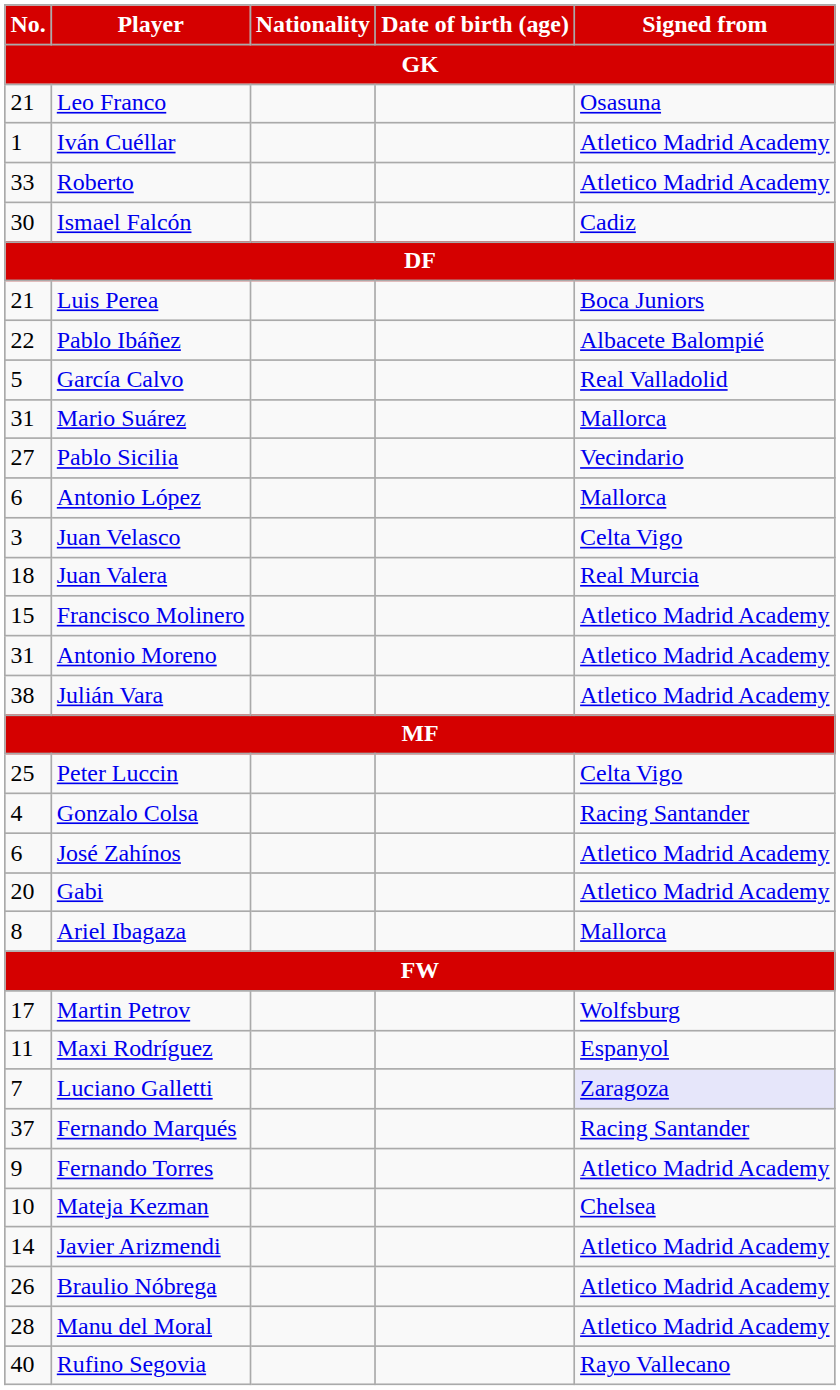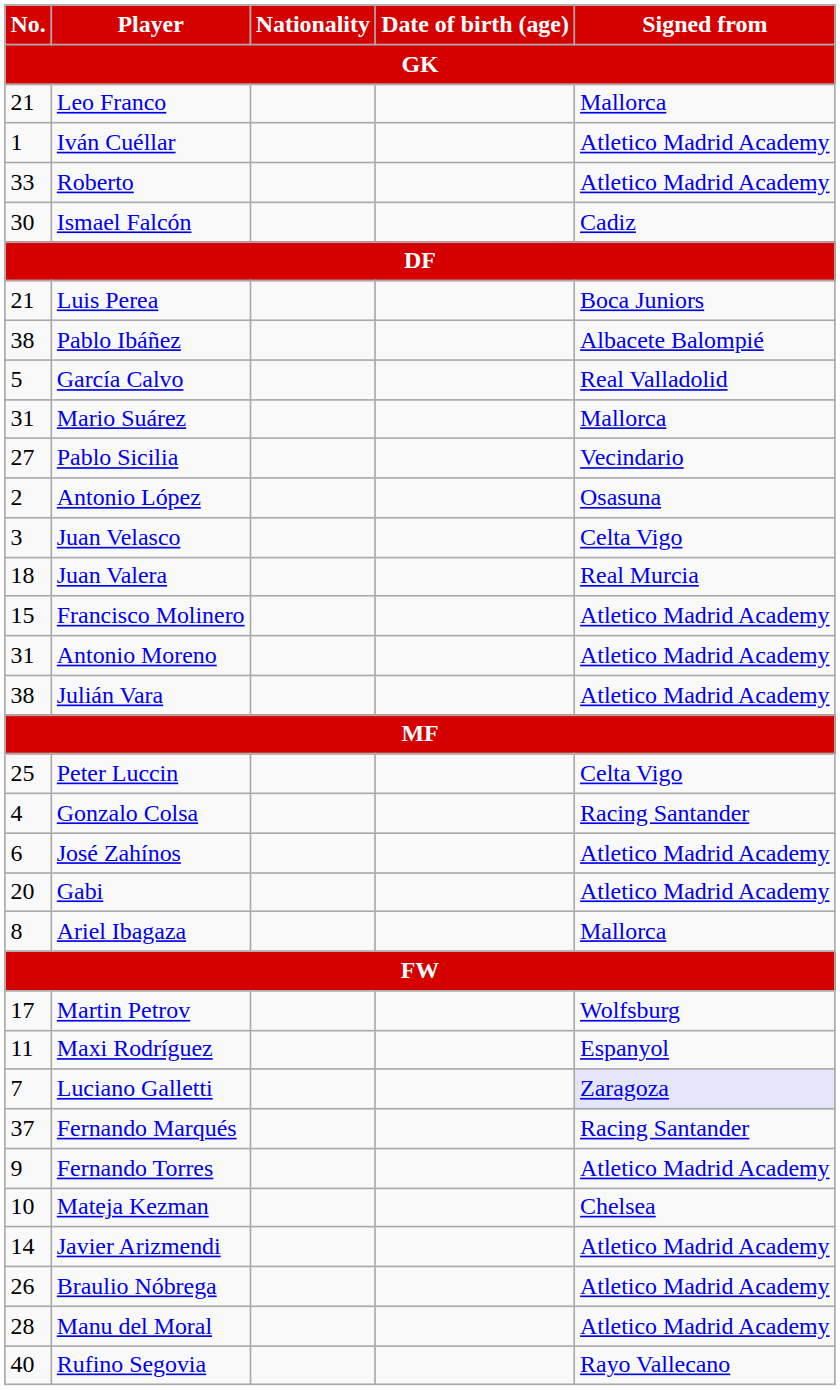 <table class="wikitable sortable" style="font-size:90%;">
 <tr>
 <th style="background:#d50000; color:white; text-align:;">No.</th>
 <th style="background:#d50000; color:white; text-align:;">Player</th>
 <th style="background:#d50000; color:white; text-align:;">Nationality</th>
 <th style="background:#d50000; color:white; text-align:;">Date of birth (age)</th>
 <th style="background:#d50000; color:white; text-align:;">Signed from</th>
 </tr>
 <tr>
 <th colspan="10" style="background:#d50000; color:white; text-align:top"><strong>GK</strong></th>
 </tr>
 <tr>
 <td>21</td>
 <td><a href='#'>Leo Franco</a></td>
 <td></td>
 <td></td>
-<td> <a href='#'>Osasuna</a></td>
+<td> <a href='#'>Mallorca</a></td>
 </tr>
 <tr>
 <td>1</td>
 <td><a href='#'>Iván Cuéllar</a></td>
 <td></td>
 <td></td>
 <td> <a href='#'>Atletico Madrid Academy</a></td>
 </tr>
 <tr>
 <td>33</td>
 <td><a href='#'>Roberto</a></td>
 <td></td>
 <td></td>
 <td> <a href='#'>Atletico Madrid Academy</a></td>
 </tr>
 <tr>
 <td>30</td>
 <td><a href='#'>Ismael Falcón</a></td>
 <td></td>
 <td></td>
 <td> <a href='#'>Cadiz</a></td>
 </tr>
 <tr>
 <th colspan="10" style="background:#d50000; color:white; text-align:center"><strong>DF</strong></th>
 </tr>
 <tr>
 <td>21</td>
 <td><a href='#'>Luis Perea</a></td>
 <td></td>
 <td></td>
 <td> <a href='#'>Boca Juniors</a></td>
 </tr>
 <tr>
-<td>22</td>
+<td>38</td>
 <td><a href='#'>Pablo Ibáñez</a></td>
 <td></td>
 <td></td>
 <td> <a href='#'>Albacete Balompié</a></td>
 </tr>
 <tr>
 <td>5</td>
 <td><a href='#'>García Calvo</a></td>
 <td></td>
 <td></td>
 <td> <a href='#'>Real Valladolid</a></td>
 </tr>
 <tr>
 <td>31</td>
 <td><a href='#'>Mario Suárez</a></td>
 <td></td>
 <td></td>
 <td> <a href='#'>Mallorca</a></td>
 </tr>
 <tr>
 <td>27</td>
 <td><a href='#'>Pablo Sicilia</a></td>
 <td></td>
 <td></td>
 <td> <a href='#'>Vecindario</a></td>
 </tr>
 <tr>
-<td>6</td>
+<td>2</td>
 <td><a href='#'>Antonio López</a></td>
 <td></td>
 <td></td>
-<td> <a href='#'>Mallorca</a></td>
+<td> <a href='#'>Osasuna</a></td>
 </tr>
 <tr>
 <td>3</td>
 <td><a href='#'>Juan Velasco</a></td>
 <td></td>
 <td></td>
 <td> <a href='#'>Celta Vigo</a></td>
 </tr>
 <tr>
 <td>18</td>
 <td><a href='#'>Juan Valera</a></td>
 <td></td>
 <td></td>
 <td> <a href='#'>Real Murcia</a></td>
 </tr>
 <tr>
 <td>15</td>
 <td><a href='#'>Francisco Molinero</a></td>
 <td></td>
 <td></td>
 <td> <a href='#'>Atletico Madrid Academy</a></td>
 </tr>
 <tr>
 <td>31</td>
 <td><a href='#'>Antonio Moreno</a></td>
 <td></td>
 <td></td>
 <td> <a href='#'>Atletico Madrid Academy</a></td>
 </tr>
 <tr>
 <td>38</td>
 <td><a href='#'>Julián Vara</a></td>
 <td></td>
 <td></td>
 <td> <a href='#'>Atletico Madrid Academy</a></td>
 </tr>
 <tr>
 <th colspan="10" style="background:#d50000; color:white; text-align:center"><strong>MF</strong></th>
 </tr>
 <tr>
 <td>25</td>
 <td><a href='#'>Peter Luccin</a></td>
 <td></td>
 <td></td>
 <td> <a href='#'>Celta Vigo</a></td>
 </tr>
 <tr>
 <td>4</td>
 <td><a href='#'>Gonzalo Colsa</a></td>
 <td></td>
 <td></td>
 <td> <a href='#'>Racing Santander</a></td>
 </tr>
 <tr>
 <td>6</td>
 <td><a href='#'>José Zahínos</a></td>
 <td></td>
 <td></td>
 <td> <a href='#'>Atletico Madrid Academy</a></td>
 </tr>
 <tr>
 <td>20</td>
 <td><a href='#'>Gabi</a></td>
 <td></td>
 <td></td>
 <td> <a href='#'>Atletico Madrid Academy</a></td>
 </tr>
 <tr>
 <td>8</td>
 <td><a href='#'>Ariel Ibagaza</a></td>
 <td></td>
 <td></td>
 <td> <a href='#'>Mallorca</a></td>
 </tr>
 <tr>
 <th colspan="10" style="background:#d50000; color:white; text-align:center"><strong>FW</strong></th>
 </tr>
 <tr>
 <td>17</td>
 <td><a href='#'>Martin Petrov</a></td>
 <td></td>
 <td></td>
 <td> <a href='#'>Wolfsburg</a></td>
 </tr>
 <tr>
 <td>11</td>
 <td><a href='#'>Maxi Rodríguez</a></td>
 <td></td>
 <td></td>
 <td> <a href='#'>Espanyol</a></td>
 </tr>
 <tr>
 <td>7</td>
 <td><a href='#'>Luciano Galletti</a></td>
 <td></td>
 <td></td>
 <td style="background: lavender;"> <a href='#'>Zaragoza</a></td>
 </tr>
 <tr>
 <td>37</td>
 <td><a href='#'>Fernando Marqués</a></td>
 <td></td>
 <td></td>
 <td> <a href='#'>Racing Santander</a></td>
 </tr>
 <tr>
 <td>9</td>
 <td><a href='#'>Fernando Torres</a></td>
 <td></td>
 <td></td>
 <td> <a href='#'>Atletico Madrid Academy</a></td>
 </tr>
 <tr>
 <td>10</td>
 <td><a href='#'>Mateja Kezman</a></td>
 <td></td>
 <td></td>
 <td> <a href='#'>Chelsea</a></td>
 </tr>
 <tr>
 <td>14</td>
 <td><a href='#'>Javier Arizmendi</a></td>
 <td></td>
 <td></td>
 <td> <a href='#'>Atletico Madrid Academy</a></td>
 </tr>
 <tr>
 <td>26</td>
 <td><a href='#'>Braulio Nóbrega</a></td>
 <td></td>
 <td></td>
 <td> <a href='#'>Atletico Madrid Academy</a></td>
 </tr>
 <tr>
 <td>28</td>
 <td><a href='#'>Manu del Moral</a></td>
 <td></td>
 <td></td>
 <td> <a href='#'>Atletico Madrid Academy</a></td>
 </tr>
 <tr>
 <td>40</td>
 <td><a href='#'>Rufino Segovia</a></td>
 <td></td>
 <td></td>
 <td> <a href='#'>Rayo Vallecano</a></td>
 </tr>
 </table>
